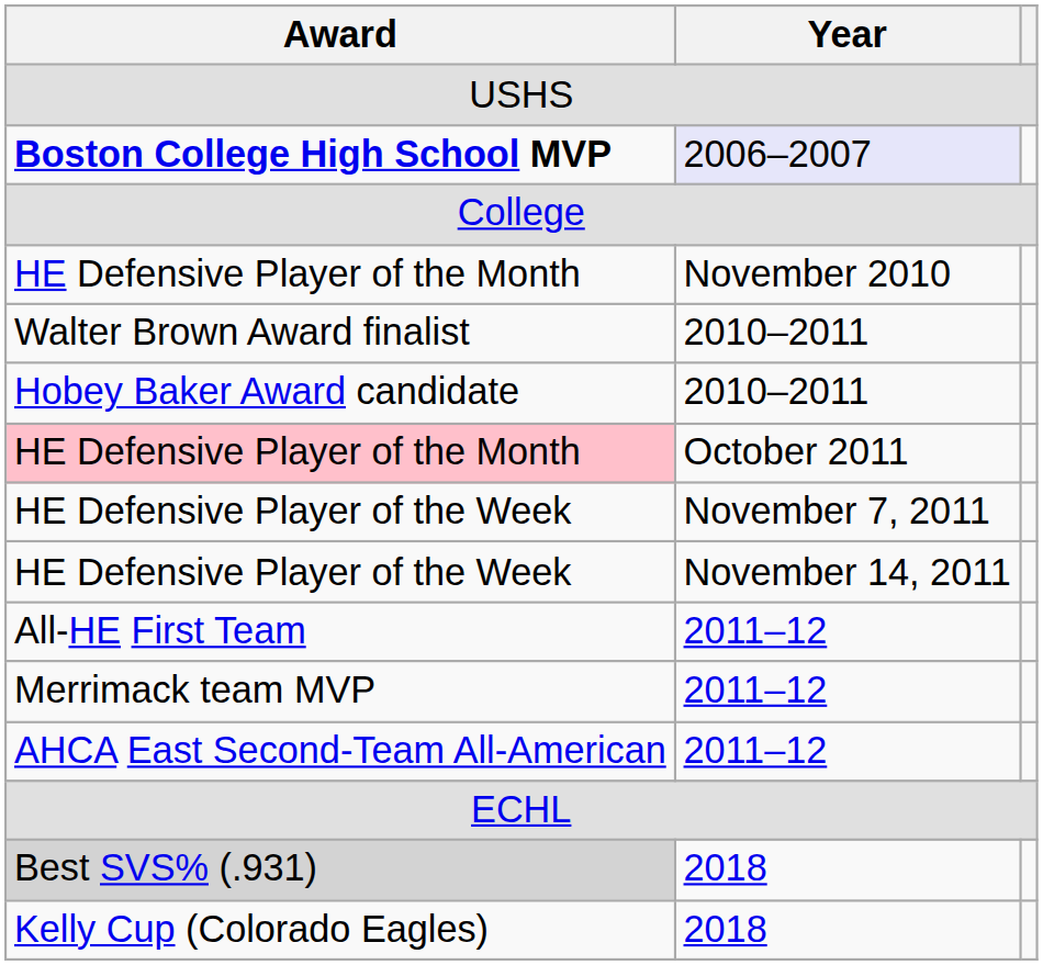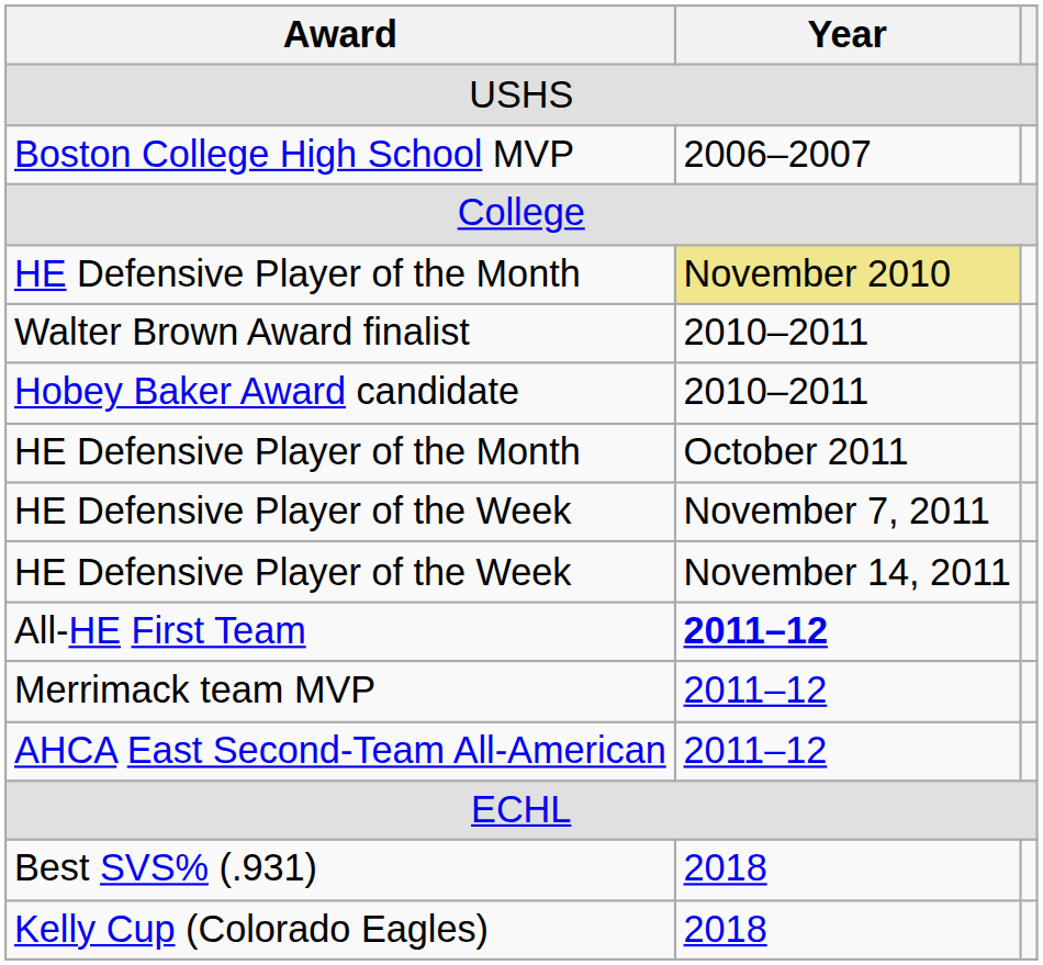 <table class="wikitable">
 <tr>
 <th>Award</th>
 <th>Year</th>
 <th></th>
 </tr>
 <tr ALIGN="center" bgcolor="#e0e0e0">
 <td colspan="3">USHS</td>
 </tr>
 <tr>
-<td><strong><a href='#'>Boston College High School</a> MVP</strong></td>
-<td style="background: lavender;">2006–2007</td>
+<td><a href='#'>Boston College High School</a> MVP</td>
+<td>2006–2007</td>
 <td></td>
 </tr>
 <tr ALIGN="center" bgcolor="#e0e0e0">
 <td colspan="3"><a href='#'>College</a></td>
 </tr>
 <tr>
 <td><a href='#'>HE</a> Defensive Player of the Month</td>
-<td>November 2010</td>
+<td style="background: khaki;">November 2010</td>
 <td align=center></td>
 </tr>
 <tr>
 <td>Walter Brown Award finalist</td>
 <td>2010–2011</td>
 <td align=center></td>
 </tr>
 <tr>
 <td><a href='#'>Hobey Baker Award</a> candidate</td>
 <td>2010–2011</td>
 <td align=center></td>
 </tr>
 <tr>
-<td style="background: pink;">HE Defensive Player of the Month</td>
+<td>HE Defensive Player of the Month</td>
 <td>October 2011</td>
 <td align=center></td>
 </tr>
 <tr>
 <td>HE Defensive Player of the Week</td>
 <td>November 7, 2011</td>
 <td align=center></td>
 </tr>
 <tr>
 <td>HE Defensive Player of the Week</td>
 <td>November 14, 2011</td>
 <td align=center></td>
 </tr>
 <tr>
 <td>All-<a href='#'>HE</a> <a href='#'>First Team</a></td>
-<td><a href='#'>2011–12</a></td>
+<td><strong><a href='#'>2011–12</a></strong></td>
 <td></td>
 </tr>
 <tr>
 <td>Merrimack team MVP</td>
 <td><a href='#'>2011–12</a></td>
 <td></td>
 </tr>
 <tr>
 <td><a href='#'>AHCA</a> <a href='#'>East Second-Team All-American</a></td>
 <td><a href='#'>2011–12</a></td>
 <td></td>
 </tr>
 <tr ALIGN="center" bgcolor="#e0e0e0">
 <td colspan="3"><a href='#'>ECHL</a></td>
 </tr>
 <tr>
-<td style="background: lightgrey;">Best <a href='#'>SVS%</a> (.931)</td>
+<td>Best <a href='#'>SVS%</a> (.931)</td>
 <td><a href='#'>2018</a></td>
 <td></td>
 </tr>
 <tr>
 <td><a href='#'>Kelly Cup</a> (Colorado Eagles)</td>
 <td><a href='#'>2018</a></td>
 <td></td>
 </tr>
 </table>
